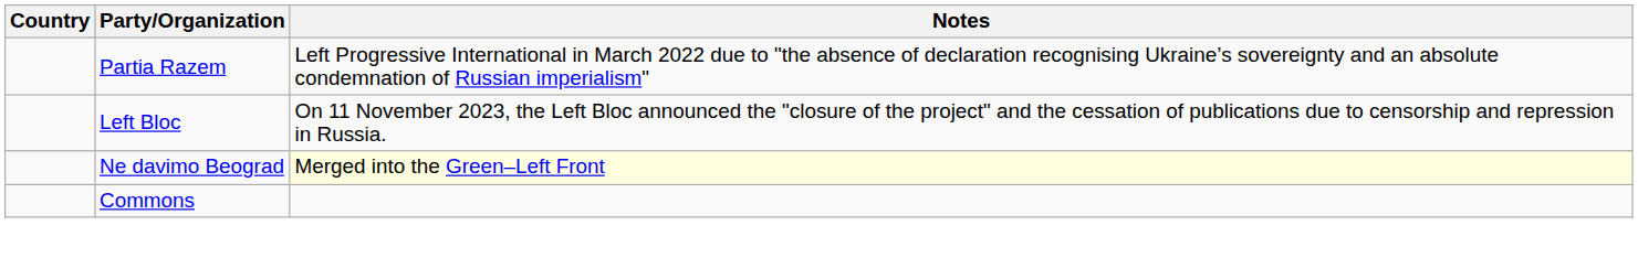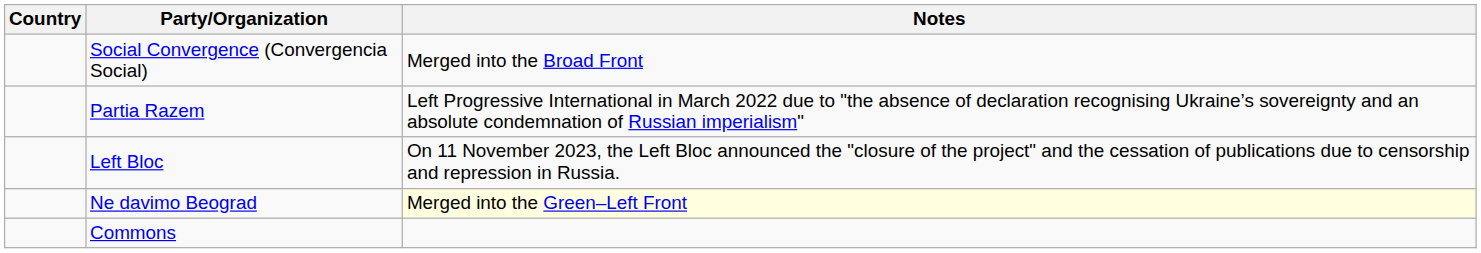 <table class="wikitable">
 <tr>
 <th style="”width:" 10em;”>Country</th>
 <th>Party/Organization</th>
 <th>Notes</th>
+</tr>
+<tr>
+<td></td>
+<td><a href='#'>Social Convergence</a> (Convergencia Social)</td>
+<td>Merged into the <a href='#'>Broad Front</a></td>
 </tr>
 <tr>
 <td></td>
 <td><a href='#'>Partia Razem</a></td>
 <td>Left Progressive International in March 2022 due to "the absence of declaration recognising Ukraine’s sovereignty and an absolute condemnation of <a href='#'>Russian imperialism</a>"</td>
 </tr>
 <tr>
 <td></td>
 <td><a href='#'>Left Bloc</a></td>
 <td>On 11 November 2023, the Left Bloc announced the "closure of the project" and the cessation of publications due to censorship and repression in Russia.</td>
 </tr>
 <tr>
 <td></td>
 <td><a href='#'>Ne davimo Beograd</a></td>
 <td style="background: lightyellow;">Merged into the <a href='#'>Green–Left Front</a></td>
 </tr>
 <tr>
 <td></td>
 <td><a href='#'>Commons</a></td>
 <td></td>
 </tr>
 </table>
